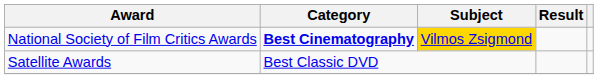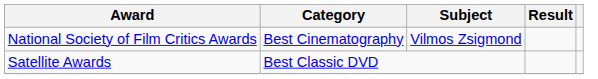 <table class="wikitable">
 <tr>
 <th>Award</th>
 <th>Category</th>
 <th>Subject</th>
 <th>Result</th>
 <th></th>
 </tr>
 <tr>
 <td><a href='#'>National Society of Film Critics Awards</a></td>
-<td><strong><a href='#'>Best Cinematography</a></strong></td>
-<td style="background: gold;"><a href='#'>Vilmos Zsigmond</a></td>
+<td><a href='#'>Best Cinematography</a></td>
+<td><a href='#'>Vilmos Zsigmond</a></td>
 <td></td>
 <td></td>
 </tr>
 <tr>
 <td><a href='#'>Satellite Awards</a></td>
 <td colspan=2><a href='#'>Best Classic DVD</a></td>
 <td></td>
 <td></td>
 </tr>
 <tr>
 </tr>
 </table>
